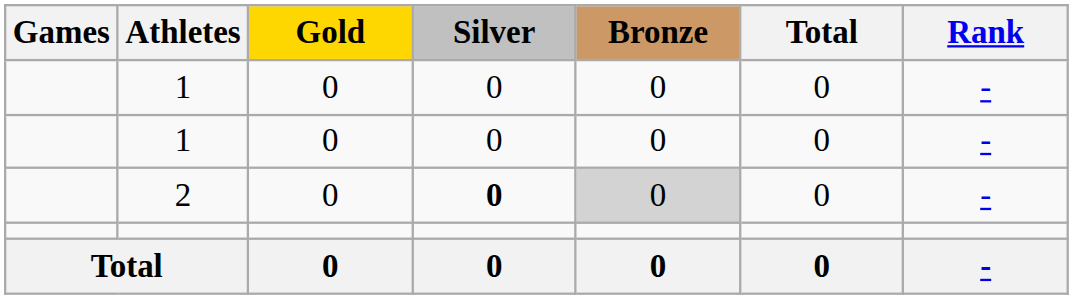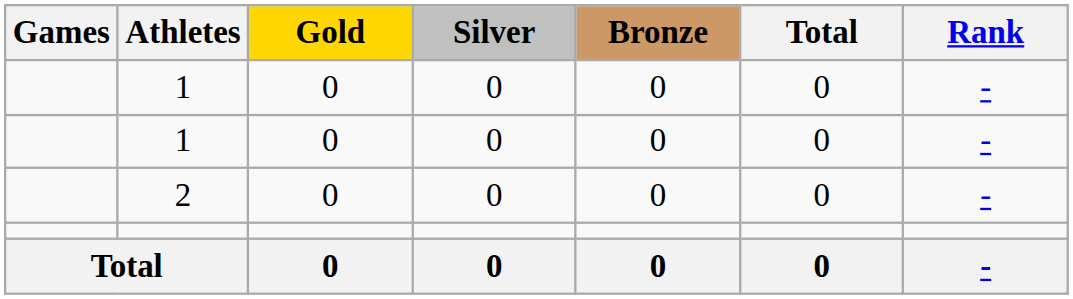 <table class="wikitable sortable" style="text-align:center; font-size:90%;">
 <tr>
 <th>Games</th>
 <th>Athletes</th>
 <th style="background:gold; width:4.5em; font-weight:bold;">Gold</th>
 <th style="background:silver; width:4.5em; font-weight:bold;">Silver</th>
 <th style="background:#cc9966; width:4.5em; font-weight:bold;">Bronze</th>
 <th style="width:4.5em; font-weight:bold;">Total</th>
 <th style="width:4.5em; font-weight:bold;"><a href='#'>Rank</a></th>
 </tr>
 <tr>
 <td align=left></td>
 <td>1</td>
 <td>0</td>
 <td>0</td>
 <td>0</td>
 <td>0</td>
 <td><a href='#'>-</a></td>
 </tr>
 <tr>
 <td align=left></td>
 <td>1</td>
 <td>0</td>
 <td>0</td>
 <td>0</td>
 <td>0</td>
 <td><a href='#'>-</a></td>
 </tr>
 <tr>
 <td align=left></td>
 <td>2</td>
 <td>0</td>
-<td><strong>0</strong></td>
-<td style="background: lightgrey;">0</td>
+<td>0</td>
+<td>0</td>
 <td>0</td>
 <td><a href='#'>-</a></td>
 </tr>
 <tr>
 <td align=left><em></em></td>
 <td></td>
 <td></td>
 <td></td>
 <td></td>
 <td></td>
 <td></td>
 </tr>
 <tr>
 <th colspan=2>Total</th>
 <th>0</th>
 <th>0</th>
 <th>0</th>
 <th>0</th>
 <th><a href='#'>-</a></th>
 </tr>
 </table>
